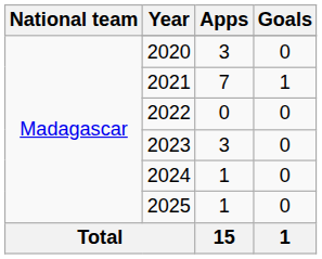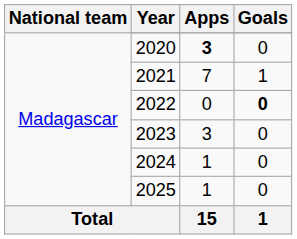 <table class="wikitable" style="text-align:center">
 <tr>
 <th>National team</th>
 <th>Year</th>
 <th>Apps</th>
 <th>Goals</th>
 </tr>
 <tr>
 <td rowspan="7"><a href='#'>Madagascar</a></td>
 </tr>
 <tr>
 <td>2020</td>
-<td>3</td>
+<td><strong>3</strong></td>
 <td>0</td>
 </tr>
 <tr>
 <td>2021</td>
 <td>7</td>
 <td>1</td>
 </tr>
 <tr>
 <td>2022</td>
 <td>0</td>
-<td>0</td>
+<td><strong>0</strong></td>
 </tr>
 <tr>
 <td>2023</td>
 <td>3</td>
 <td>0</td>
 </tr>
 <tr>
 <td>2024</td>
 <td>1</td>
 <td>0</td>
 </tr>
 <tr>
 <td>2025</td>
 <td>1</td>
 <td>0</td>
 </tr>
 <tr>
 <th colspan=2>Total</th>
 <th>15</th>
 <th>1</th>
 </tr>
 </table>
